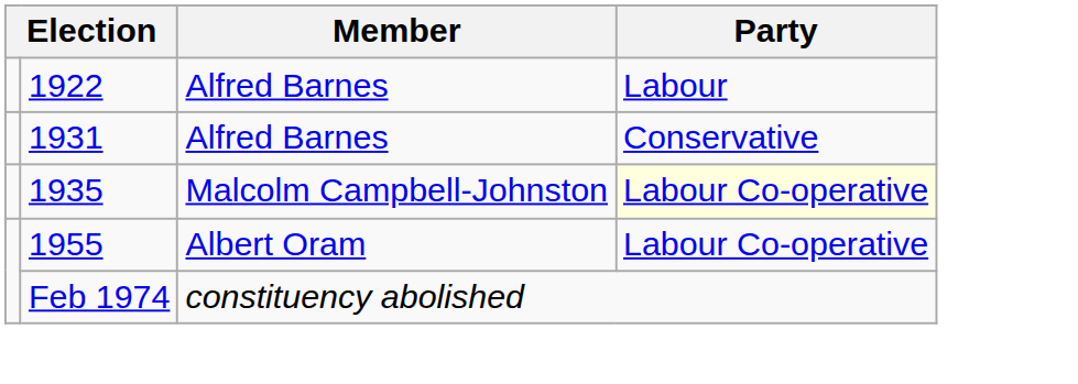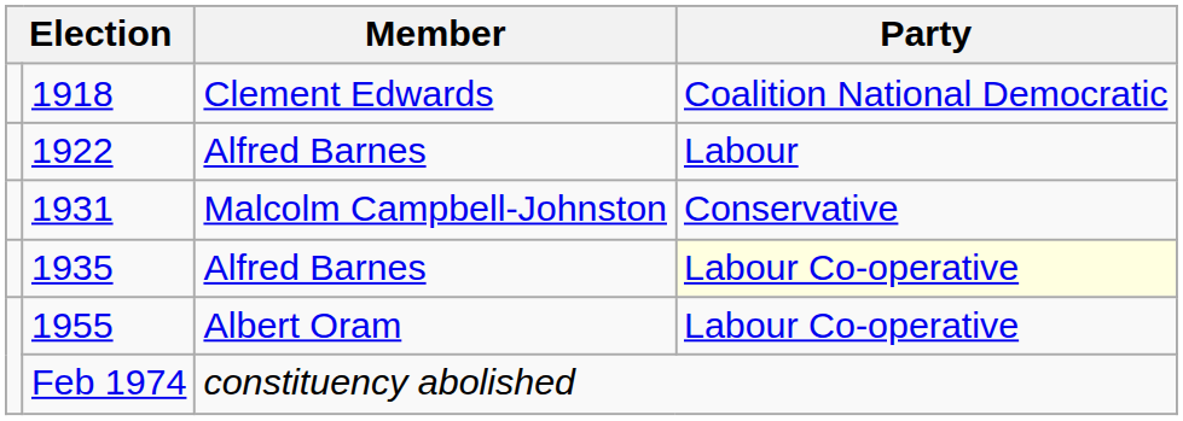 <table class="wikitable">
 <tr>
 <th colspan="2">Election</th>
 <th>Member</th>
 <th>Party</th>
+</tr>
+<tr>
+<td style="color:inherit;background-color: "></td>
+<td><a href='#'>1918</a></td>
+<td><a href='#'>Clement Edwards</a></td>
+<td><a href='#'>Coalition National Democratic</a></td>
 </tr>
 <tr>
 <td style="color:inherit;background-color: "></td>
 <td><a href='#'>1922</a></td>
 <td><a href='#'>Alfred Barnes</a></td>
 <td><a href='#'>Labour</a></td>
 </tr>
 <tr>
 <td style="color:inherit;background-color: "></td>
 <td><a href='#'>1931</a></td>
-<td><a href='#'>Alfred Barnes</a></td>
+<td><a href='#'>Malcolm Campbell-Johnston</a></td>
 <td><a href='#'>Conservative</a></td>
 </tr>
 <tr>
 <td style="color:inherit;background-color: "></td>
 <td><a href='#'>1935</a></td>
-<td><a href='#'>Malcolm Campbell-Johnston</a></td>
+<td><a href='#'>Alfred Barnes</a></td>
 <td style="background: lightyellow;"><a href='#'>Labour Co-operative</a></td>
 </tr>
 <tr>
 <td rowspan="5" style="color:inherit;background-color: "></td>
 <td><a href='#'>1955</a></td>
 <td><a href='#'>Albert Oram</a></td>
 <td><a href='#'>Labour Co-operative</a></td>
 </tr>
 <tr>
 <td><a href='#'>Feb 1974</a></td>
 <td colspan="2"><em>constituency abolished</em></td>
 </tr>
 </table>
